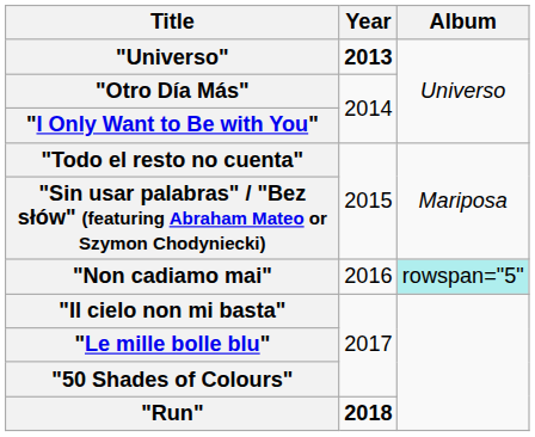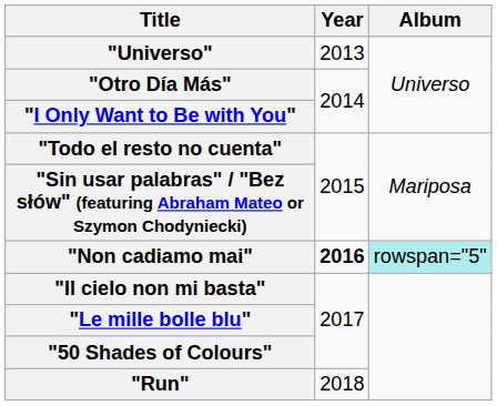 <table class="wikitable plainrowheaders" style="text-align:center;">
 <tr>
 <th scope="col" style="width:15em;">Title</th>
 <th scope="col">Year</th>
 <th scope="col">Album</th>
 </tr>
 <tr>
 <th scope="row">"Universo"</th>
-<td><strong>2013</strong></td>
+<td>2013</td>
 <td rowspan="3"><em>Universo</em></td>
 </tr>
 <tr>
 <th scope="row">"Otro Día Más"</th>
 <td rowspan="2">2014</td>
 </tr>
 <tr>
 <th scope="row">"<a href='#'>I Only Want to Be with You</a>"</th>
 </tr>
 <tr>
 <th scope="row">"Todo el resto no cuenta"</th>
 <td rowspan="2">2015</td>
 <td rowspan="2"><em>Mariposa</em></td>
 </tr>
 <tr>
 <th scope="row">"Sin usar palabras" / "Bez słów" <small>(featuring <a href='#'>Abraham Mateo</a> or Szymon Chodyniecki)</small></th>
 </tr>
 <tr>
 <th scope="row">"Non cadiamo mai"</th>
-<td>2016</td>
+<td><strong>2016</strong></td>
 <td style="background: paleturquoise;">rowspan="5" </td>
 </tr>
 <tr>
 <th scope="row">"Il cielo non mi basta"</th>
 <td rowspan="3">2017</td>
 </tr>
 <tr>
 <th scope="row">"<a href='#'>Le mille bolle blu</a>"</th>
 </tr>
 <tr>
 <th scope="row">"50 Shades of Colours"</th>
 </tr>
 <tr>
 <th scope="row">"Run"</th>
-<td><strong>2018</strong></td>
+<td>2018</td>
 </tr>
 </table>
